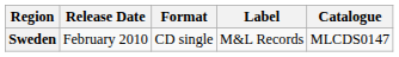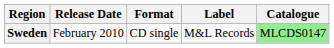 <table class="wikitable plainrowheaders">
 <tr>
 <th scope="col">Region</th>
 <th scope="col">Release Date</th>
 <th scope="col">Format</th>
 <th scope="col">Label</th>
 <th scope="col">Catalogue</th>
 </tr>
 <tr>
 <th scope="row" rowspan="9">Sweden</th>
 <td>February 2010</td>
 <td>CD single</td>
 <td>M&L Records</td>
-<td>MLCDS0147</td>
+<td style="background: lightgreen;">MLCDS0147</td>
 </tr>
 </table>
